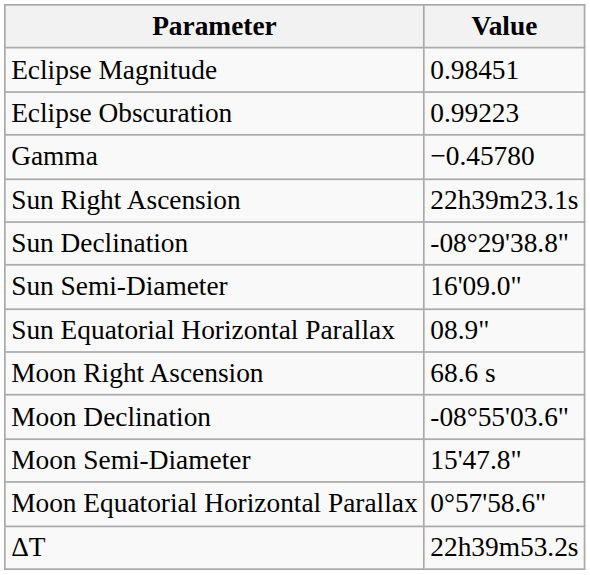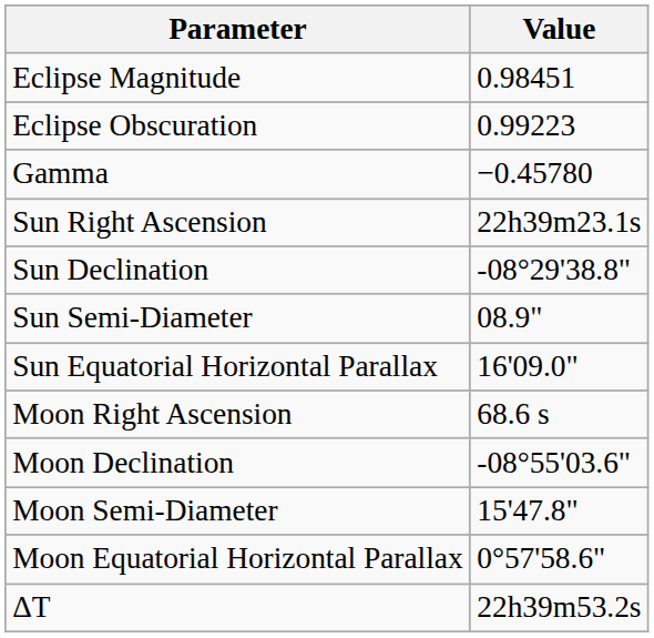 <table class="wikitable">
 <tr>
 <th>Parameter</th>
 <th>Value</th>
 </tr>
 <tr>
 <td>Eclipse Magnitude</td>
 <td>0.98451</td>
 </tr>
 <tr>
 <td>Eclipse Obscuration</td>
 <td>0.99223</td>
 </tr>
 <tr>
 <td>Gamma</td>
 <td>−0.45780</td>
 </tr>
 <tr>
 <td>Sun Right Ascension</td>
 <td>22h39m23.1s</td>
 </tr>
 <tr>
 <td>Sun Declination</td>
 <td>-08°29'38.8"</td>
 </tr>
 <tr>
 <td>Sun Semi-Diameter</td>
-<td>16'09.0"</td>
+<td>08.9"</td>
 </tr>
 <tr>
 <td>Sun Equatorial Horizontal Parallax</td>
-<td>08.9"</td>
+<td>16'09.0"</td>
 </tr>
 <tr>
 <td>Moon Right Ascension</td>
 <td>68.6 s</td>
 </tr>
 <tr>
 <td>Moon Declination</td>
 <td>-08°55'03.6"</td>
 </tr>
 <tr>
 <td>Moon Semi-Diameter</td>
 <td>15'47.8"</td>
 </tr>
 <tr>
 <td>Moon Equatorial Horizontal Parallax</td>
 <td>0°57'58.6"</td>
 </tr>
 <tr>
 <td>ΔT</td>
 <td>22h39m53.2s</td>
 </tr>
 </table>
